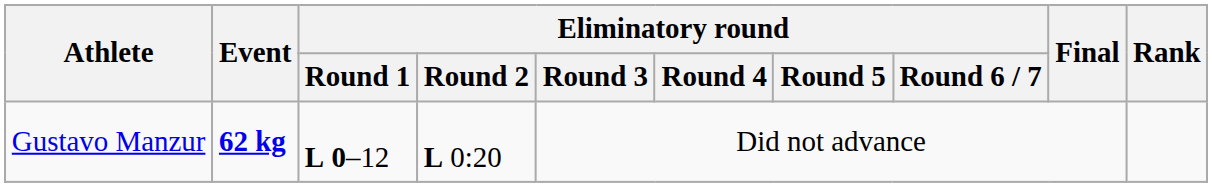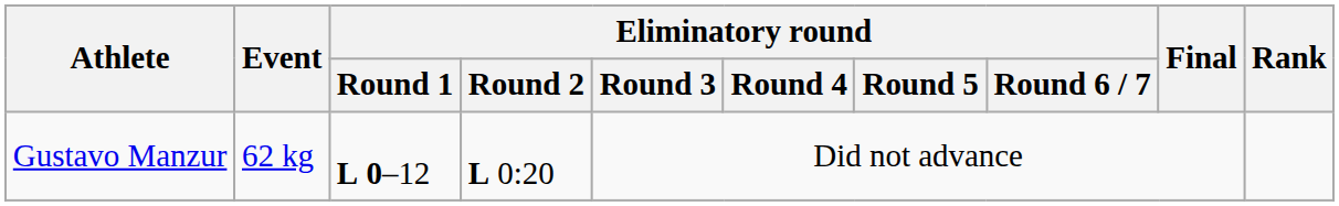 <table class="wikitable" style="font-size:90%">
 <tr>
 <th rowspan="2">Athlete</th>
 <th rowspan="2">Event</th>
 <th colspan="6">Eliminatory round</th>
 <th rowspan="2">Final</th>
 <th rowspan="2">Rank</th>
 </tr>
 <tr>
 <th>Round 1</th>
 <th>Round 2</th>
 <th>Round 3</th>
 <th>Round 4</th>
 <th>Round 5</th>
 <th>Round 6 / 7</th>
 </tr>
 <tr>
 <td><a href='#'>Gustavo Manzur</a></td>
-<td><strong><a href='#'>62 kg</a></strong></td>
+<td><a href='#'>62 kg</a></td>
 <td><br><strong>L</strong> <strong>0</strong>–12</td>
 <td><br><strong>L</strong> 0:20</td>
 <td colspan=5 align=center>Did not advance</td>
 <td align=center><strong></strong></td>
 </tr>
 </table>
